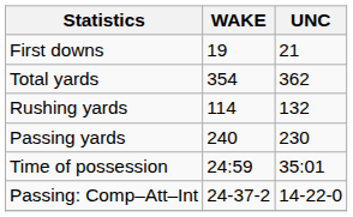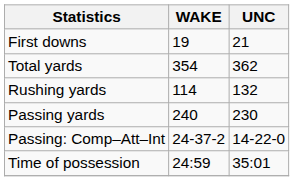 <table class="wikitable" style="float: left;">
 <tr>
 <th>Statistics</th>
 <th>WAKE</th>
 <th>UNC</th>
 </tr>
 <tr>
 <td>First downs</td>
 <td>19</td>
 <td>21</td>
 </tr>
 <tr>
 <td>Total yards</td>
 <td>354</td>
 <td>362</td>
 </tr>
 <tr>
 <td>Rushing yards</td>
 <td>114</td>
 <td>132</td>
 </tr>
 <tr>
 <td>Passing yards</td>
 <td>240</td>
 <td>230</td>
 </tr>
 <tr>
+<td>Passing: Comp–Att–Int</td>
+<td>24-37-2</td>
+<td>14-22-0</td>
+</tr>
+<tr>
 <td>Time of possession</td>
 <td>24:59</td>
 <td>35:01</td>
 </tr>
 <tr>
-<td>Passing: Comp–Att–Int</td>
-<td>24-37-2</td>
-<td>14-22-0</td>
-</tr>
-<tr>
 </tr>
 </table>
